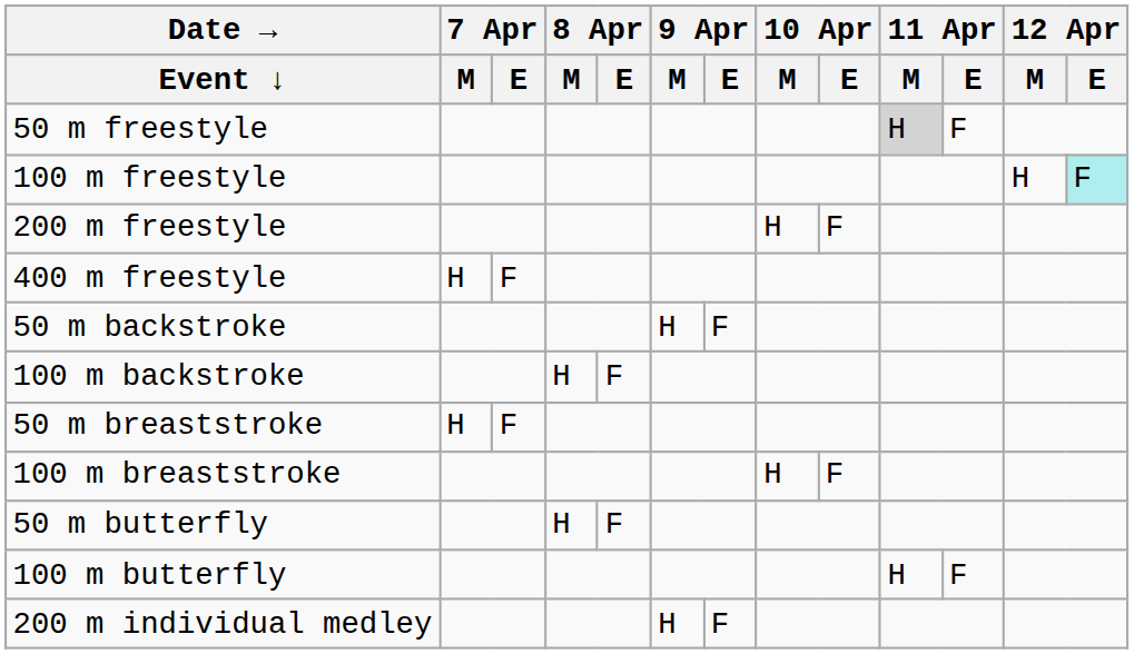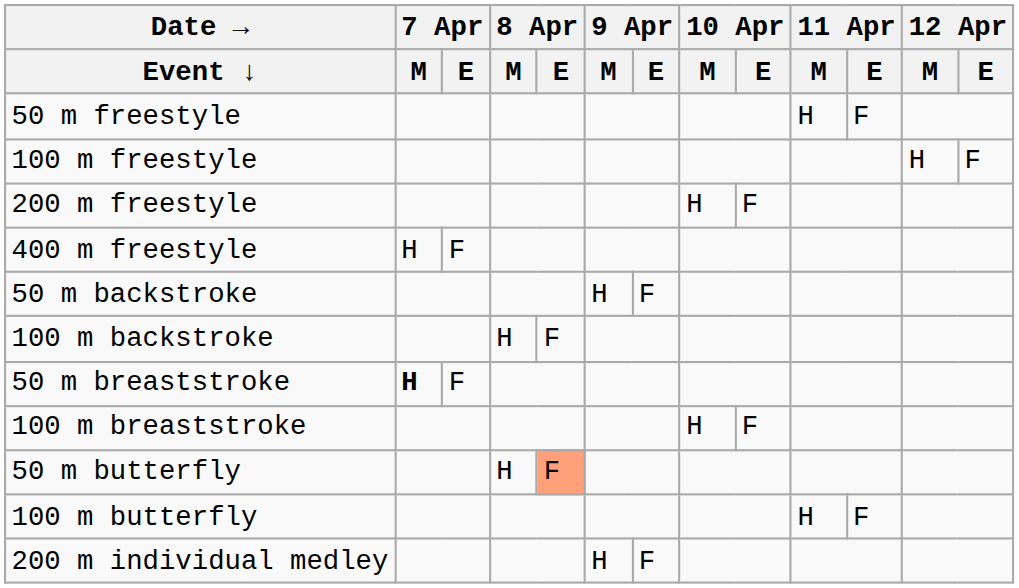 <table class="wikitable swimming-schedule floatleft">
 <tr>
 <th>Date →</th>
 <th colspan=2>7 Apr</th>
 <th colspan=2>8 Apr</th>
 <th colspan=2>9 Apr</th>
 <th colspan=2>10 Apr</th>
 <th colspan=2>11 Apr</th>
 <th colspan=2>12 Apr</th>
 </tr>
 <tr>
 <th>Event ↓</th>
 <th>M</th>
 <th>E</th>
 <th>M</th>
 <th>E</th>
 <th>M</th>
 <th>E</th>
 <th>M</th>
 <th>E</th>
 <th>M</th>
 <th>E</th>
 <th>M</th>
 <th>E</th>
 </tr>
 <tr>
 <td class=event>50 m freestyle</td>
 <td colspan=2></td>
 <td colspan=2></td>
 <td colspan=2></td>
 <td colspan=2></td>
-<td class=heats style="background: lightgrey;">H</td>
+<td class=heats>H</td>
 <td class=final>F</td>
 <td colspan=2></td>
 </tr>
 <tr>
 <td class=event>100 m freestyle</td>
 <td colspan=2></td>
 <td colspan=2></td>
 <td colspan=2></td>
 <td colspan=2></td>
 <td colspan=2></td>
 <td class=heats>H</td>
-<td class=final style="background: paleturquoise;">F</td>
+<td class=final>F</td>
 </tr>
 <tr>
 <td class=event>200 m freestyle</td>
 <td colspan=2></td>
 <td colspan=2></td>
 <td colspan=2></td>
 <td class=heats>H</td>
 <td class=final>F</td>
 <td colspan=2></td>
 <td colspan=2></td>
 </tr>
 <tr>
 <td class=event>400 m freestyle</td>
 <td class=heats>H</td>
 <td class=final>F</td>
 <td colspan=2></td>
 <td colspan=2></td>
 <td colspan=2></td>
 <td colspan=2></td>
 <td colspan=2></td>
 </tr>
 <tr>
 <td class=event>50 m backstroke</td>
 <td colspan=2></td>
 <td colspan=2></td>
 <td class=heats>H</td>
 <td class=final>F</td>
 <td colspan=2></td>
 <td colspan=2></td>
 <td colspan=2></td>
 </tr>
 <tr>
 <td class=event>100 m backstroke</td>
 <td colspan=2></td>
 <td class=heats>H</td>
 <td class=final>F</td>
 <td colspan=2></td>
 <td colspan=2></td>
 <td colspan=2></td>
 <td colspan=2></td>
 </tr>
 <tr>
 <td class=event>50 m breaststroke</td>
-<td class=heats>H</td>
+<td class=heats><strong>H</strong></td>
 <td class=final>F</td>
 <td colspan=2></td>
 <td colspan=2></td>
 <td colspan=2></td>
 <td colspan=2></td>
 <td colspan=2></td>
 </tr>
 <tr>
 <td class=event>100 m breaststroke</td>
 <td colspan=2></td>
 <td colspan=2></td>
 <td colspan=2></td>
 <td class=heats>H</td>
 <td class=final>F</td>
 <td colspan=2></td>
 <td colspan=2></td>
 </tr>
 <tr>
 <td class=event>50 m butterfly</td>
 <td colspan=2></td>
 <td class=heats>H</td>
-<td class=final>F</td>
+<td class=final style="background: lightsalmon;">F</td>
 <td colspan=2></td>
 <td colspan=2></td>
 <td colspan=2></td>
 <td colspan=2></td>
 </tr>
 <tr>
 <td class=event>100 m butterfly</td>
 <td colspan=2></td>
 <td colspan=2></td>
 <td colspan=2></td>
 <td colspan=2></td>
 <td class=heats>H</td>
 <td class=final>F</td>
 <td colspan=2></td>
 </tr>
 <tr>
 <td class=event>200 m individual medley</td>
 <td colspan=2></td>
 <td colspan=2></td>
 <td class=heats>H</td>
 <td class=final>F</td>
 <td colspan=2></td>
 <td colspan=2></td>
 <td colspan=2></td>
 </tr>
 </table>
